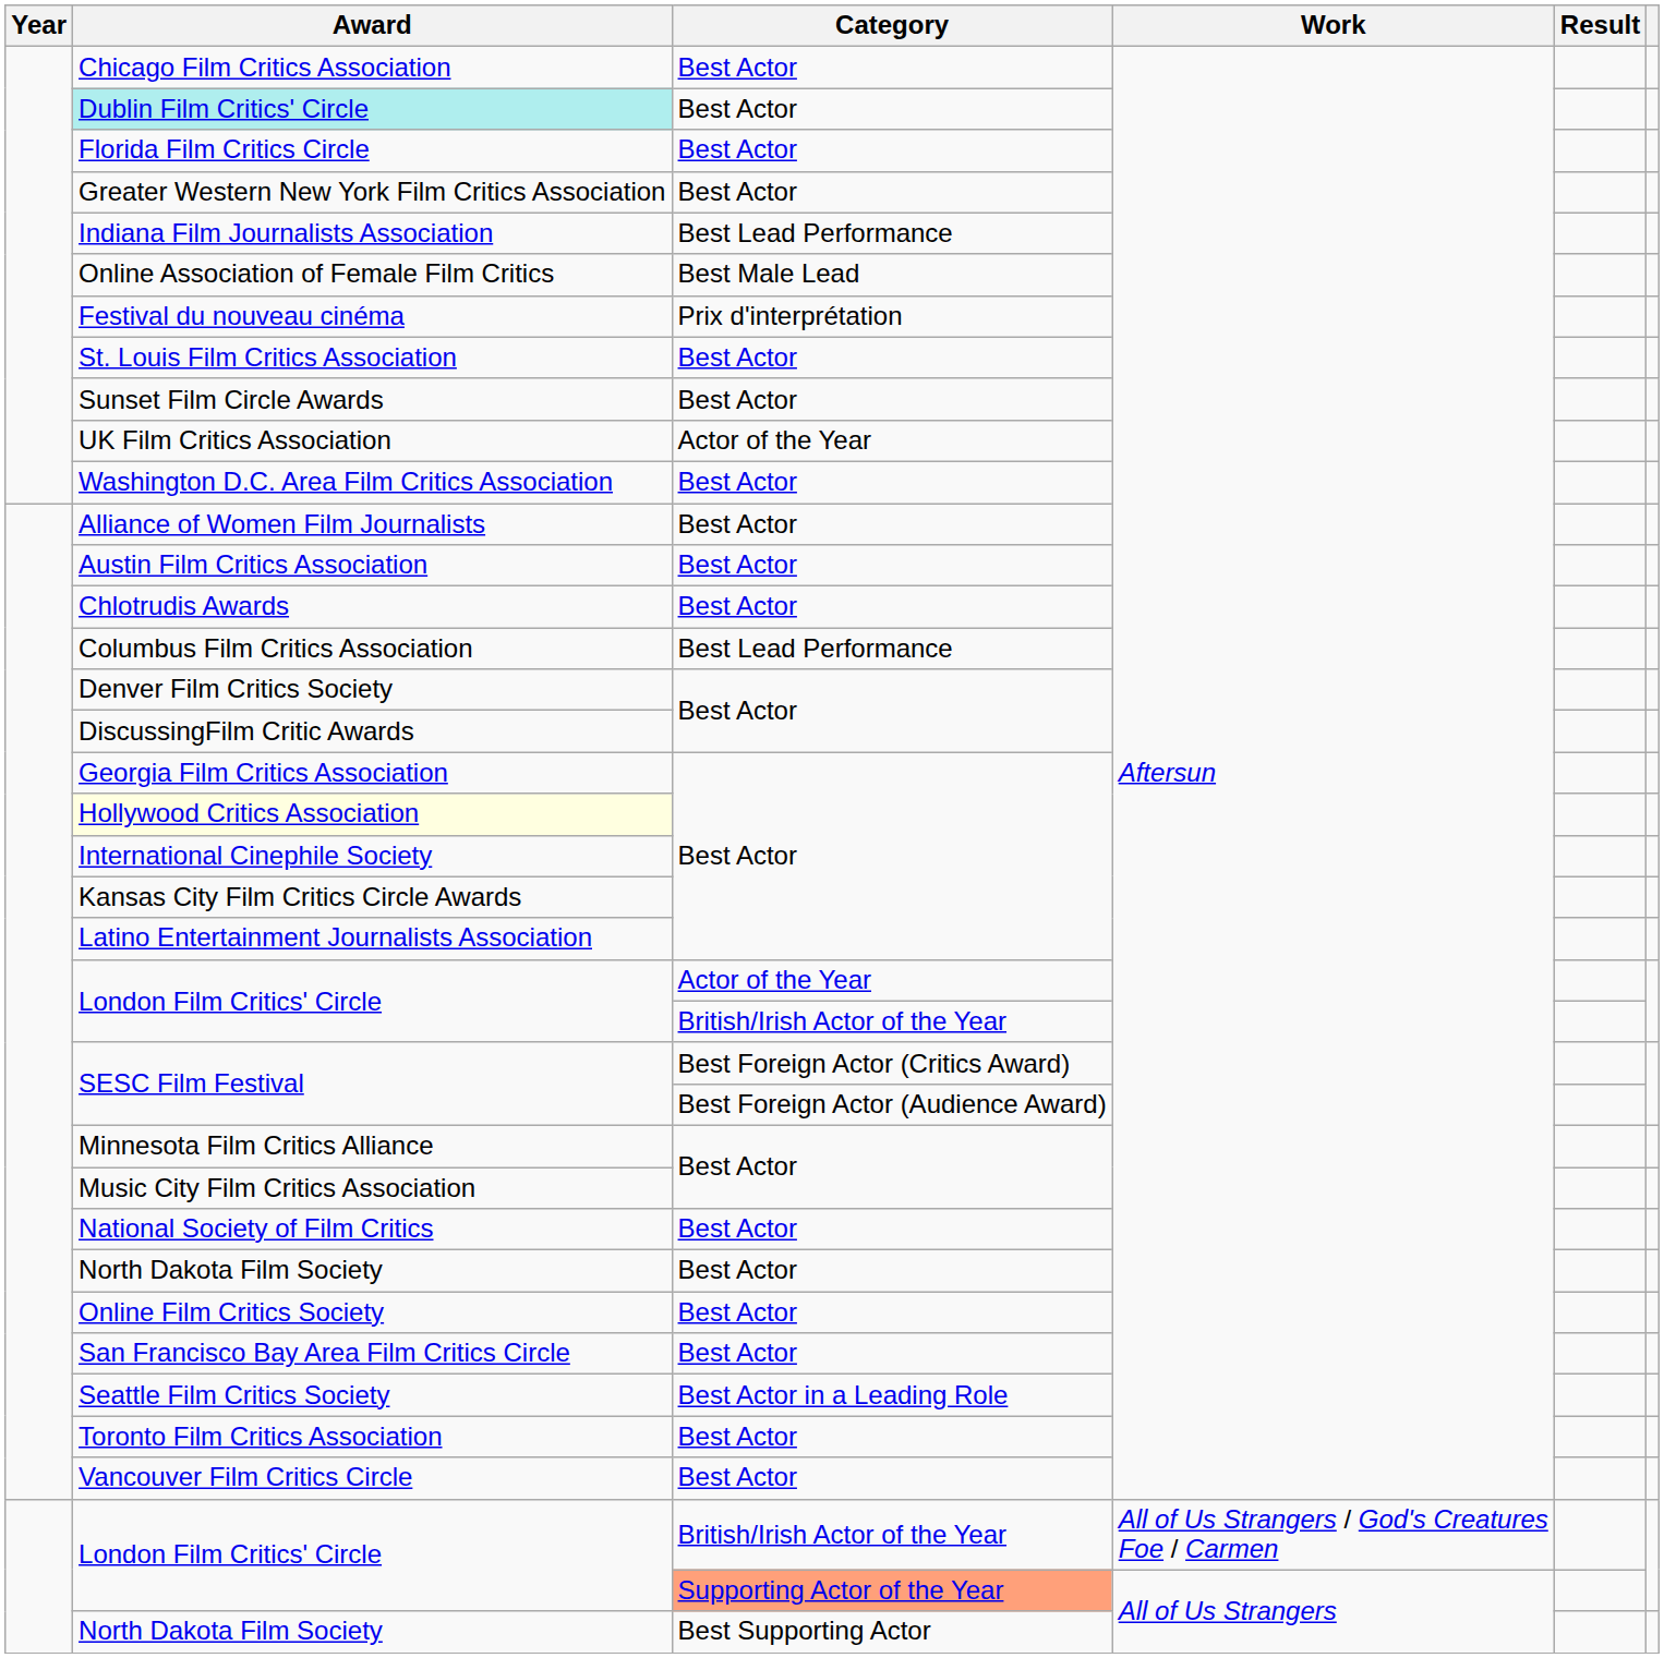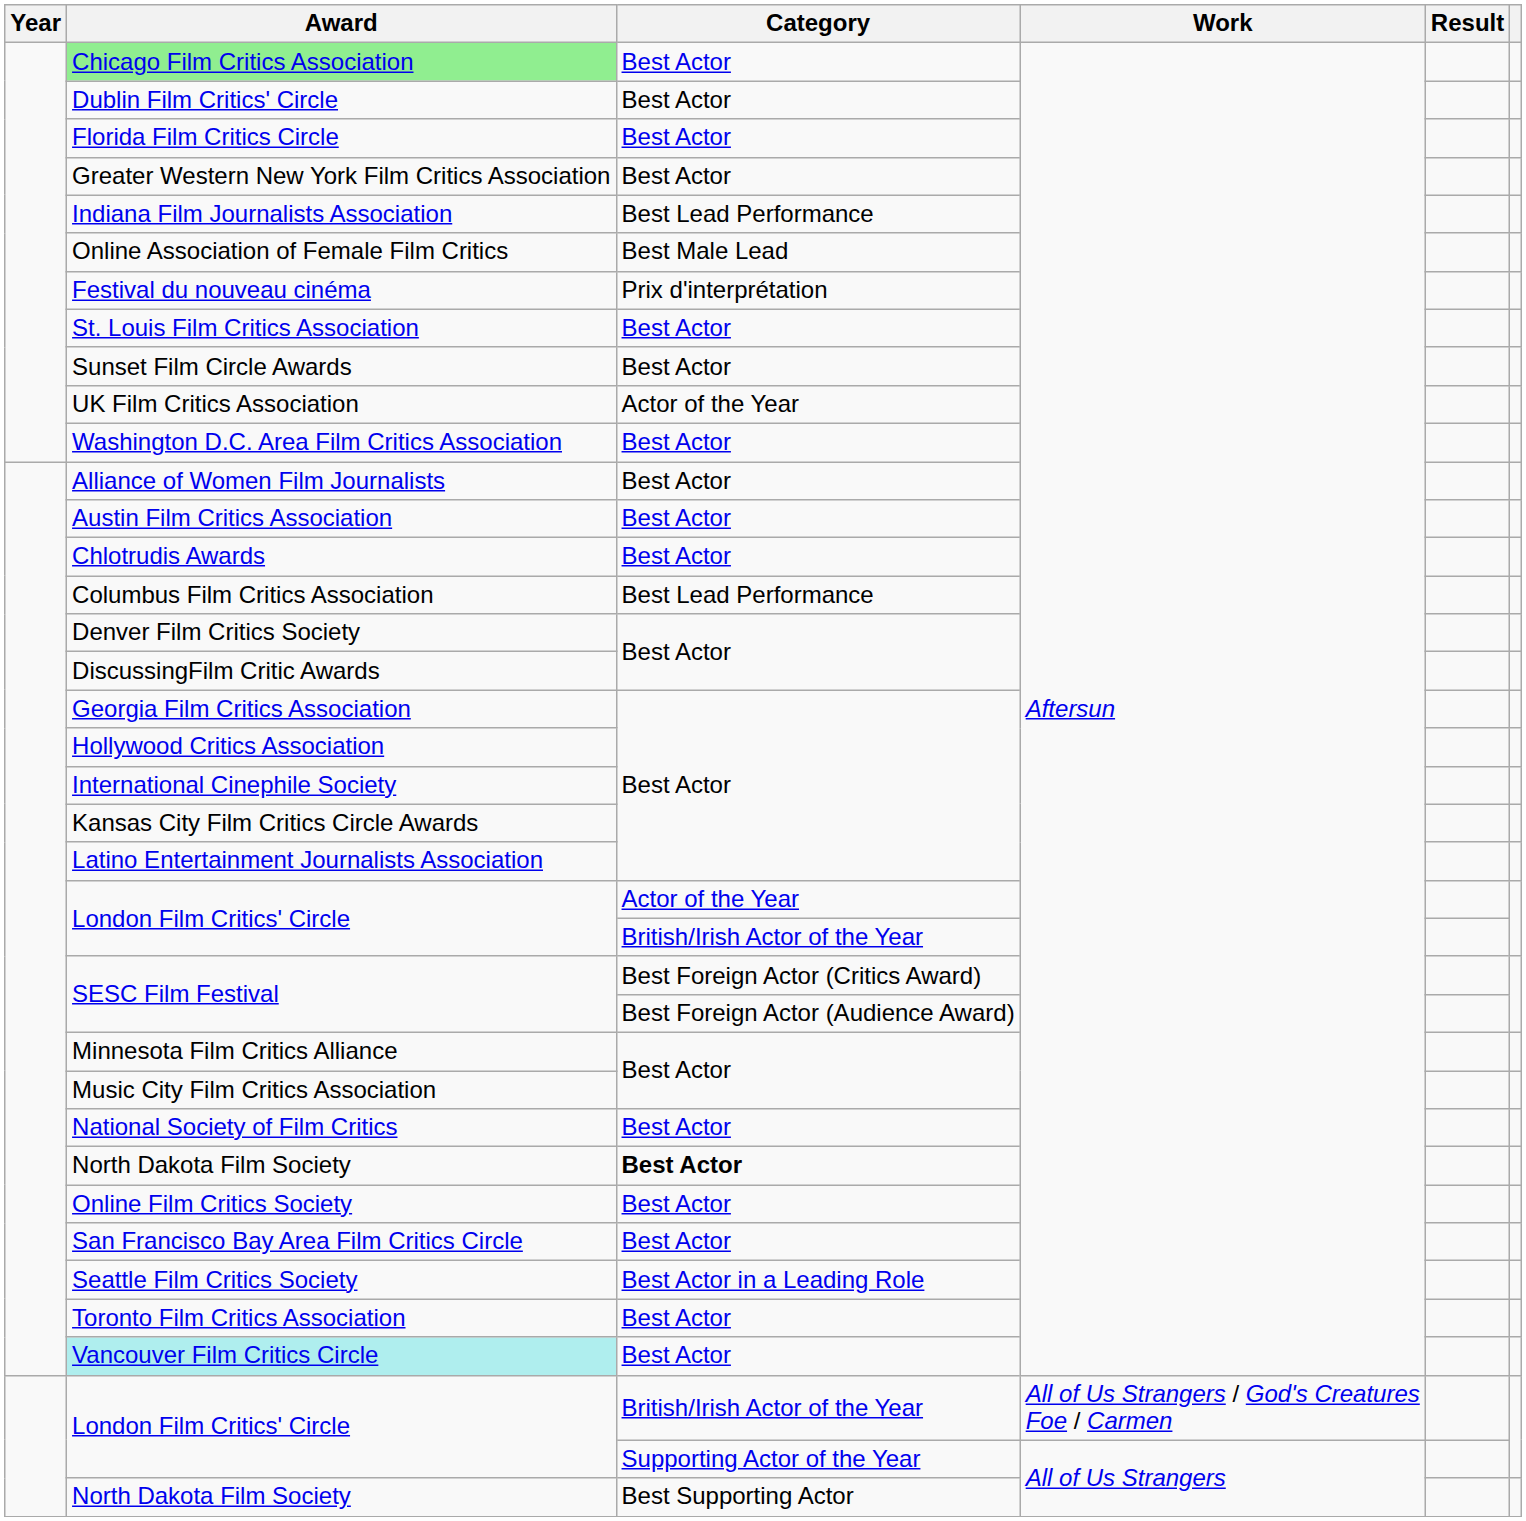 <table class="wikitable plainrowheaders sortable">
 <tr>
 <th>Year</th>
 <th>Award</th>
 <th>Category</th>
 <th>Work</th>
 <th>Result</th>
 <th class="unsortable"></th>
 </tr>
 <tr>
 <td rowspan="11"></td>
-<td><a href='#'>Chicago Film Critics Association</a></td>
+<td style="background: lightgreen;"><a href='#'>Chicago Film Critics Association</a></td>
 <td><a href='#'>Best Actor</a></td>
 <td rowspan="35"><em><a href='#'>Aftersun</a></em></td>
 <td></td>
 <td></td>
 </tr>
 <tr>
-<td style="background: paleturquoise;"><a href='#'>Dublin Film Critics' Circle</a></td>
+<td><a href='#'>Dublin Film Critics' Circle</a></td>
 <td>Best Actor</td>
 <td></td>
 <td></td>
 </tr>
 <tr>
 <td><a href='#'>Florida Film Critics Circle</a></td>
 <td><a href='#'>Best Actor</a></td>
 <td></td>
 <td></td>
 </tr>
 <tr>
 <td>Greater Western New York Film Critics Association</td>
 <td>Best Actor</td>
 <td></td>
 <td></td>
 </tr>
 <tr>
 <td><a href='#'>Indiana Film Journalists Association</a></td>
 <td>Best Lead Performance</td>
 <td></td>
 <td></td>
 </tr>
 <tr>
 <td>Online Association of Female Film Critics</td>
 <td>Best Male Lead</td>
 <td></td>
 <td></td>
 </tr>
 <tr>
 <td><a href='#'>Festival du nouveau cinéma</a></td>
 <td>Prix d'interprétation</td>
 <td></td>
 <td></td>
 </tr>
 <tr>
 <td><a href='#'>St. Louis Film Critics Association</a></td>
 <td><a href='#'>Best Actor</a></td>
 <td></td>
 <td></td>
 </tr>
 <tr>
 <td>Sunset Film Circle Awards</td>
 <td>Best Actor</td>
 <td></td>
 <td></td>
 </tr>
 <tr>
 <td>UK Film Critics Association</td>
 <td>Actor of the Year</td>
 <td></td>
 <td></td>
 </tr>
 <tr>
 <td><a href='#'>Washington D.C. Area Film Critics Association</a></td>
 <td><a href='#'>Best Actor</a></td>
 <td></td>
 <td></td>
 </tr>
 <tr>
 <td rowspan="24"></td>
 <td><a href='#'>Alliance of Women Film Journalists</a></td>
 <td>Best Actor</td>
 <td></td>
 <td></td>
 </tr>
 <tr>
 <td><a href='#'>Austin Film Critics Association</a></td>
 <td><a href='#'>Best Actor</a></td>
 <td></td>
 <td></td>
 </tr>
 <tr>
 <td><a href='#'>Chlotrudis Awards</a></td>
 <td><a href='#'>Best Actor</a></td>
 <td></td>
 <td></td>
 </tr>
 <tr>
 <td>Columbus Film Critics Association</td>
 <td>Best Lead Performance</td>
 <td></td>
 <td></td>
 </tr>
 <tr>
 <td>Denver Film Critics Society</td>
 <td rowspan="2">Best Actor</td>
 <td></td>
 <td></td>
 </tr>
 <tr>
 <td>DiscussingFilm Critic Awards</td>
 <td></td>
 <td></td>
 </tr>
 <tr>
 <td><a href='#'>Georgia Film Critics Association</a></td>
 <td rowspan="5">Best Actor</td>
 <td></td>
 <td></td>
 </tr>
 <tr>
-<td style="background: lightyellow;"><a href='#'>Hollywood Critics Association</a></td>
+<td><a href='#'>Hollywood Critics Association</a></td>
 <td></td>
 <td></td>
 </tr>
 <tr>
 <td><a href='#'>International Cinephile Society</a></td>
 <td></td>
 <td></td>
 </tr>
 <tr>
 <td>Kansas City Film Critics Circle Awards</td>
 <td></td>
 <td></td>
 </tr>
 <tr>
 <td><a href='#'>Latino Entertainment Journalists Association</a></td>
 <td></td>
 <td></td>
 </tr>
 <tr>
 <td rowspan="2"><a href='#'>London Film Critics' Circle</a></td>
 <td><a href='#'>Actor of the Year</a></td>
 <td></td>
 <td rowspan="2"></td>
 </tr>
 <tr>
 <td><a href='#'>British/Irish Actor of the Year</a></td>
 <td></td>
 </tr>
 <tr>
 <td rowspan="2"><a href='#'>SESC Film Festival</a></td>
 <td>Best Foreign Actor (Critics Award)</td>
 <td></td>
 <td rowspan="2"></td>
 </tr>
 <tr>
 <td>Best Foreign Actor (Audience Award)</td>
 <td></td>
 </tr>
 <tr>
 <td>Minnesota Film Critics Alliance</td>
 <td rowspan="2">Best Actor</td>
 <td></td>
 <td></td>
 </tr>
 <tr>
 <td>Music City Film Critics Association</td>
 <td></td>
 <td></td>
 </tr>
 <tr>
 <td><a href='#'>National Society of Film Critics</a></td>
 <td><a href='#'>Best Actor</a></td>
 <td></td>
 <td></td>
 </tr>
 <tr>
 <td>North Dakota Film Society</td>
-<td>Best Actor</td>
+<td><strong>Best Actor</strong></td>
 <td></td>
 <td></td>
 </tr>
 <tr>
 <td><a href='#'>Online Film Critics Society</a></td>
 <td><a href='#'>Best Actor</a></td>
 <td></td>
 <td></td>
 </tr>
 <tr>
 <td><a href='#'>San Francisco Bay Area Film Critics Circle</a></td>
 <td><a href='#'>Best Actor</a></td>
 <td></td>
 <td></td>
 </tr>
 <tr>
 <td><a href='#'>Seattle Film Critics Society</a></td>
 <td><a href='#'>Best Actor in a Leading Role</a></td>
 <td></td>
 <td></td>
 </tr>
 <tr>
 <td><a href='#'>Toronto Film Critics Association</a></td>
 <td><a href='#'>Best Actor</a></td>
 <td></td>
 <td></td>
 </tr>
 <tr>
-<td><a href='#'>Vancouver Film Critics Circle</a></td>
+<td style="background: paleturquoise;"><a href='#'>Vancouver Film Critics Circle</a></td>
 <td><a href='#'>Best Actor</a></td>
 <td></td>
 <td></td>
 </tr>
 <tr>
 <td rowspan="4"></td>
 <td rowspan="2"><a href='#'>London Film Critics' Circle</a></td>
 <td><a href='#'>British/Irish Actor of the Year</a></td>
 <td><em><a href='#'>All of Us Strangers</a></em> / <em><a href='#'>God's Creatures</a></em> <br> <em><a href='#'>Foe</a></em> / <em><a href='#'>Carmen</a></em></td>
 <td></td>
 <td rowspan="2"><br></td>
 </tr>
 <tr>
-<td style="background: lightsalmon;"><a href='#'>Supporting Actor of the Year</a></td>
+<td><a href='#'>Supporting Actor of the Year</a></td>
 <td rowspan="2"><em><a href='#'>All of Us Strangers</a></em></td>
 <td></td>
 </tr>
 <tr>
 <td><a href='#'>North Dakota Film Society</a></td>
 <td>Best Supporting Actor</td>
 <td></td>
 <td></td>
 </tr>
 <tr>
 </tr>
 </table>
